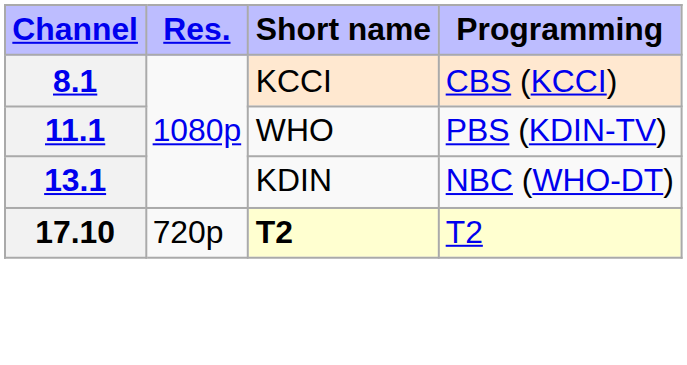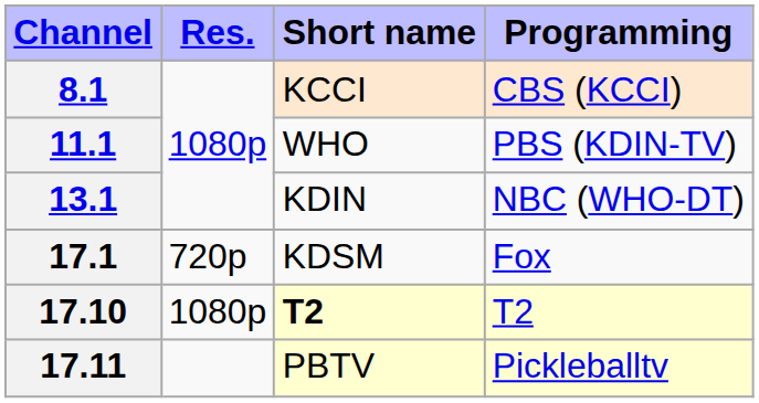 <table class="wikitable">
 <tr>
 <th style="background-color: #bdbdff" scope = "col"><a href='#'>Channel</a></th>
 <th style="background-color: #bdbdff" scope = "col"><a href='#'>Res.</a></th>
 <th style="background-color: #bdbdff" scope = "col">Short name</th>
 <th style="background-color: #bdbdff" scope = "col">Programming</th>
 </tr>
 <tr>
 <th scope = "row"><a href='#'>8.1</a></th>
 <td rowspan=3><a href='#'>1080p</a></td>
 <td style="background-color:#ffe8d0">KCCI</td>
 <td style="background-color:#ffe8d0"><a href='#'>CBS</a> (<a href='#'>KCCI</a>) </td>
 </tr>
 <tr>
 <th scope = "row"><a href='#'>11.1</a></th>
 <td>WHO</td>
 <td><a href='#'>PBS</a> (<a href='#'>KDIN-TV</a>)</td>
 </tr>
 <tr>
 <th scope = "row"><a href='#'>13.1</a></th>
 <td>KDIN</td>
 <td><a href='#'>NBC</a> (<a href='#'>WHO-DT</a>)</td>
 </tr>
 <tr>
+<th scope = "row">17.1</th>
+<td>720p</td>
+<td>KDSM</td>
+<td><a href='#'>Fox</a></td>
+</tr>
+<tr>
 <th scope = "row">17.10</th>
-<td>720p</td>
+<td>1080p</td>
 <td style="background-color:#ffffd0"><strong>T2</strong></td>
 <td style="background-color:#ffffd0"><a href='#'>T2</a></td>
 </tr>
+<tr>
+<th scope = "row">17.11</th>
+<td></td>
+<td style="background-color:#ffffd0">PBTV</td>
+<td style="background-color:#ffffd0"><a href='#'>Pickleballtv</a></td>
+</tr>
 </table>
